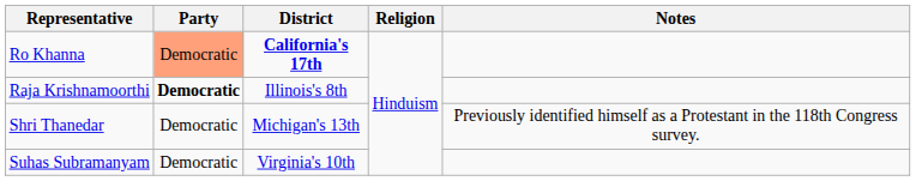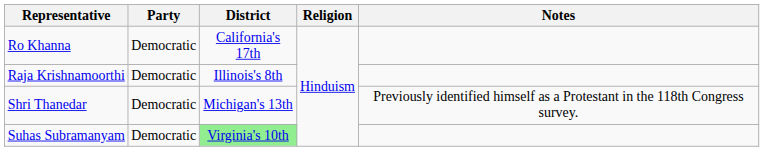 <table class="wikitable sortable" style="text-align:center">
 <tr>
 <th>Representative</th>
 <th>Party</th>
 <th>District</th>
 <th>Religion</th>
 <th>Notes</th>
 </tr>
 <tr>
 <td align=left nowrap> <a href='#'>Ro Khanna</a></td>
-<td style="background: lightsalmon;">Democratic</td>
-<td><strong><a href='#'>California's 17th</a></strong></td>
+<td>Democratic</td>
+<td><a href='#'>California's 17th</a></td>
 <td rowspan="4"><a href='#'>Hinduism</a></td>
 <td></td>
 </tr>
 <tr>
 <td align=left nowrap> <a href='#'>Raja Krishnamoorthi</a></td>
-<td><strong>Democratic</strong></td>
+<td>Democratic</td>
 <td><a href='#'>Illinois's 8th</a></td>
 <td></td>
 </tr>
 <tr>
 <td align=left nowrap> <a href='#'>Shri Thanedar</a></td>
 <td>Democratic</td>
 <td><a href='#'>Michigan's 13th</a></td>
 <td>Previously identified himself as a Protestant in the 118th Congress survey.</td>
 </tr>
 <tr>
 <td align=left nowrap> <a href='#'>Suhas Subramanyam</a></td>
 <td>Democratic</td>
-<td><a href='#'>Virginia's 10th</a></td>
+<td style="background: lightgreen;"><a href='#'>Virginia's 10th</a></td>
 <td></td>
 </tr>
 </table>
